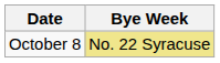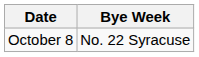 <table class="wikitable" style="font-size:95%;">
 <tr>
 <th>Date</th>
 <th colspan="3">Bye Week</th>
 </tr>
 <tr>
 <td>October 8</td>
-<td style="background: khaki;">No. 22 Syracuse</td>
+<td>No. 22 Syracuse</td>
 </tr>
 </table>
